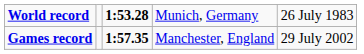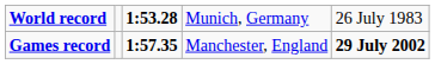 <table class="wikitable">
 <tr>
 <td><a href='#'><strong>World record</strong></a></td>
 <td></td>
 <td><strong>1:53.28</strong></td>
 <td><a href='#'>Munich</a>, <a href='#'>Germany</a></td>
 <td>26 July 1983</td>
 </tr>
 <tr>
 <td><a href='#'><strong>Games record</strong></a></td>
 <td></td>
 <td><strong>1:57.35</strong></td>
 <td><a href='#'>Manchester</a>, <a href='#'>England</a></td>
-<td>29 July 2002</td>
+<td><strong>29 July 2002</strong></td>
 </tr>
 </table>
